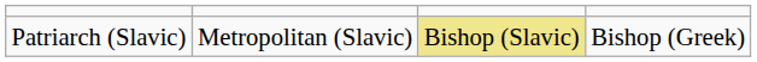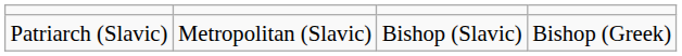 <table class="wikitable">
 <tr>
 <td></td>
 <td></td>
 <td></td>
 <td></td>
 </tr>
 <tr>
 <td>Patriarch (Slavic)</td>
 <td>Metropolitan (Slavic)</td>
-<td style="background: khaki;">Bishop (Slavic)</td>
+<td>Bishop (Slavic)</td>
 <td>Bishop (Greek)</td>
 </tr>
 </table>
